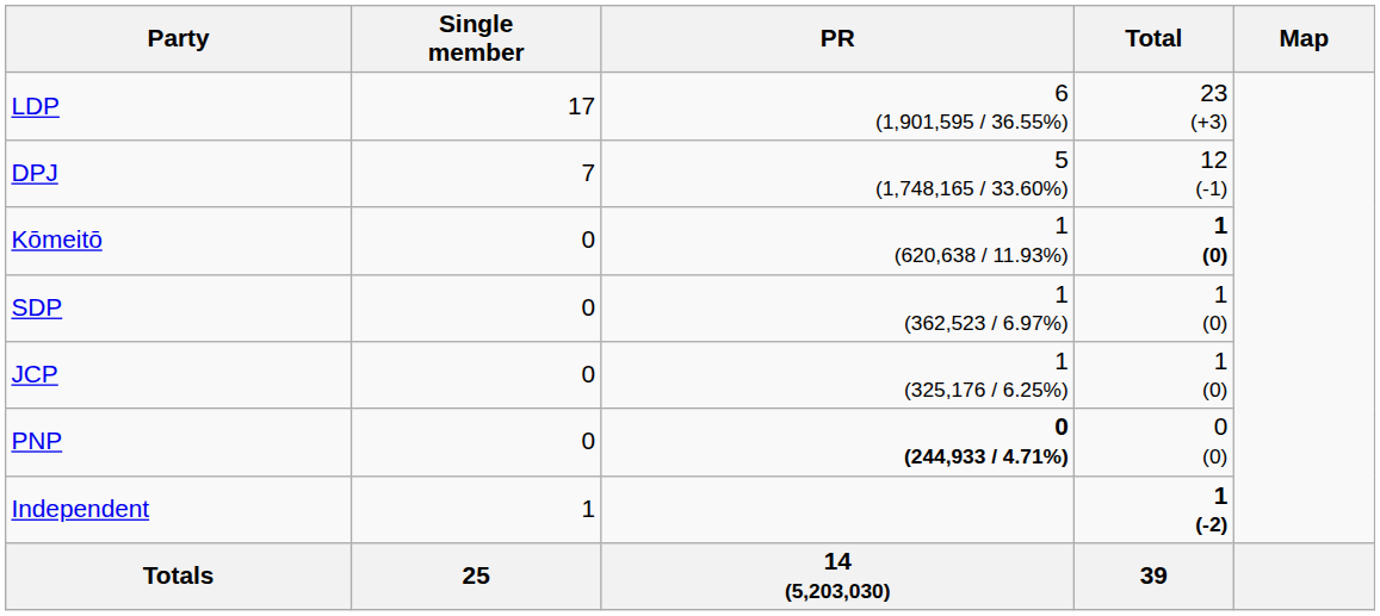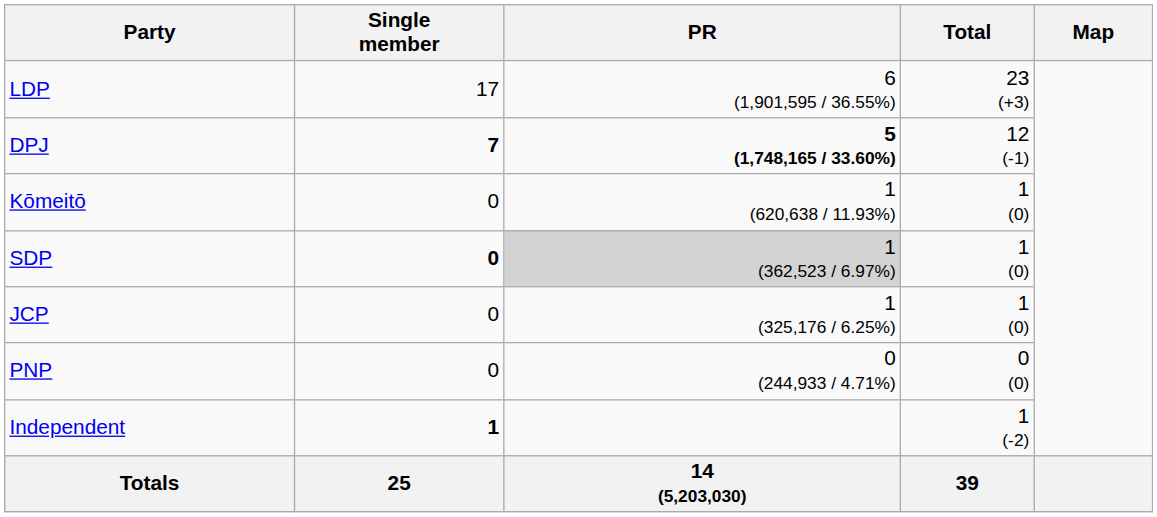 <table class="wikitable" width="100%">
 <tr>
 <th>Party</th>
 <th>Single<br>member</th>
 <th>PR</th>
 <th>Total</th>
 <th>Map</th>
 </tr>
 <tr>
 <td><a href='#'>LDP</a></td>
 <td align="right">17</td>
 <td align="right">6<br><small>(1,901,595 / 36.55%)</small></td>
 <td align="right">23<br><small>(+3)</small></td>
 <td rowspan=7 align="center"></td>
 </tr>
 <tr>
 <td><a href='#'>DPJ</a></td>
-<td align="right">7</td>
-<td align="right">5<br><small>(1,748,165 / 33.60%)</small></td>
+<td align="right"><strong>7</strong></td>
+<td align="right"><strong>5<br><small>(1,748,165 / 33.60%)</small></strong></td>
 <td align="right">12<br><small>(-1)</small></td>
 </tr>
 <tr>
 <td><a href='#'>Kōmeitō</a></td>
 <td align="right">0</td>
 <td align="right">1<br><small>(620,638 / 11.93%)</small></td>
-<td align="right"><strong>1<br><small>(0)</small></strong></td>
+<td align="right">1<br><small>(0)</small></td>
 </tr>
 <tr>
 <td><a href='#'>SDP</a></td>
-<td align="right">0</td>
-<td align="right">1<br><small>(362,523 / 6.97%)</small></td>
+<td align="right"><strong>0</strong></td>
+<td align="right" style="background: lightgrey;">1<br><small>(362,523 / 6.97%)</small></td>
 <td align="right">1<br><small>(0)</small></td>
 </tr>
 <tr>
 <td><a href='#'>JCP</a></td>
 <td align="right">0</td>
 <td align="right">1<br><small>(325,176 / 6.25%)</small></td>
 <td align="right">1<br><small>(0)</small></td>
 </tr>
 <tr>
 <td><a href='#'>PNP</a></td>
 <td align="right">0</td>
-<td align="right"><strong>0<br><small>(244,933 / 4.71%)</small></strong></td>
+<td align="right">0<br><small>(244,933 / 4.71%)</small></td>
 <td align="right">0<br><small>(0)</small></td>
 </tr>
 <tr>
 <td><a href='#'>Independent</a></td>
-<td align="right">1</td>
+<td align="right"><strong>1</strong></td>
 <td align="right"></td>
-<td align="right"><strong>1<br><small>(-2)</small></strong></td>
+<td align="right">1<br><small>(-2)</small></td>
 </tr>
 <tr bgcolor=lightgrey>
 <th><strong>Totals</strong></th>
 <th align="right">25</th>
 <th align="right">14<br><small>(5,203,030)</small></th>
 <th align="right">39</th>
 <th></th>
 </tr>
 </table>
